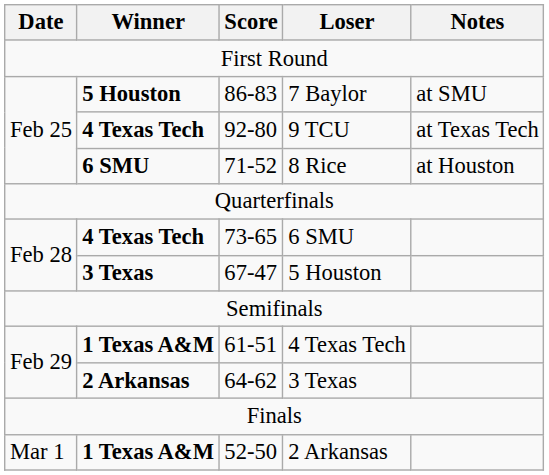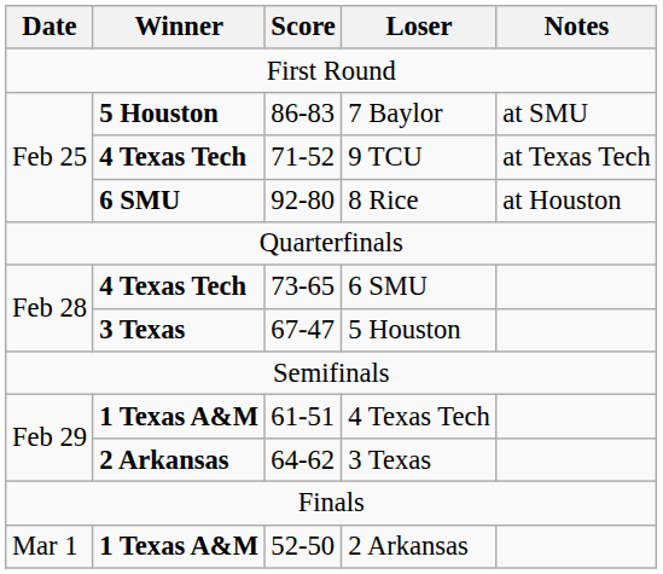 <table class=wikitable>
 <tr>
 <th>Date</th>
 <th>Winner</th>
 <th>Score</th>
 <th>Loser</th>
 <th>Notes</th>
 </tr>
 <tr>
 <td colspan="5" ; style="text-align: center">First Round</td>
 </tr>
 <tr>
 <td rowspan ="3">Feb 25</td>
 <td><strong>5 Houston</strong></td>
 <td>86-83</td>
 <td>7 Baylor</td>
 <td>at SMU</td>
 </tr>
 <tr>
 <td><strong>4 Texas Tech</strong></td>
-<td>92-80</td>
+<td>71-52</td>
 <td>9 TCU</td>
 <td>at Texas Tech</td>
 </tr>
 <tr>
 <td><strong>6 SMU</strong></td>
-<td>71-52</td>
+<td>92-80</td>
 <td>8 Rice</td>
 <td>at Houston</td>
 </tr>
 <tr>
 <td colspan="5" ; style="text-align: center">Quarterfinals</td>
 </tr>
 <tr>
 <td rowspan ="2">Feb 28</td>
 <td><strong>4 Texas Tech</strong></td>
 <td>73-65</td>
 <td>6 SMU</td>
 <td></td>
 </tr>
 <tr>
 <td><strong>3 Texas</strong></td>
 <td>67-47</td>
 <td>5 Houston</td>
 <td></td>
 </tr>
 <tr>
 <td colspan="5" ; style="text-align: center">Semifinals</td>
 </tr>
 <tr>
 <td rowspan ="2">Feb 29</td>
 <td><strong>1 Texas A&M</strong></td>
 <td>61-51</td>
 <td>4 Texas Tech</td>
 <td></td>
 </tr>
 <tr>
 <td><strong>2 Arkansas</strong></td>
 <td>64-62</td>
 <td>3 Texas</td>
 <td></td>
 </tr>
 <tr>
 <td colspan="5" ; style="text-align: center">Finals</td>
 </tr>
 <tr>
 <td>Mar 1</td>
 <td><strong>1 Texas A&M</strong></td>
 <td>52-50</td>
 <td>2 Arkansas</td>
 <td></td>
 </tr>
 </table>
